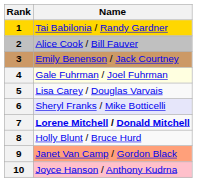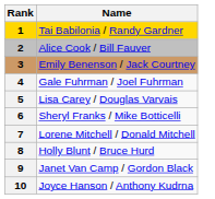 <table class="wikitable">
 <tr>
 <th>Rank</th>
 <th>Name</th>
 </tr>
 <tr bgcolor="gold">
 <td align="center"><strong>1</strong></td>
 <td><a href='#'>Tai Babilonia</a> / <a href='#'>Randy Gardner</a></td>
 </tr>
 <tr bgcolor="silver">
 <td align="center"><strong>2</strong></td>
 <td><a href='#'>Alice Cook</a> / <a href='#'>Bill Fauver</a></td>
 </tr>
 <tr bgcolor="cc9966">
 <td align="center"><strong>3</strong></td>
 <td><a href='#'>Emily Benenson</a> / <a href='#'>Jack Courtney</a></td>
 </tr>
 <tr>
 <th>4</th>
-<td style="background: lightyellow;"><a href='#'>Gale Fuhrman</a> / <a href='#'>Joel Fuhrman</a></td>
+<td><a href='#'>Gale Fuhrman</a> / <a href='#'>Joel Fuhrman</a></td>
 </tr>
 <tr>
 <th>5</th>
 <td><a href='#'>Lisa Carey</a> / <a href='#'>Douglas Varvais</a></td>
 </tr>
 <tr>
 <th>6</th>
-<td style="background: lavender;"><a href='#'>Sheryl Franks</a> / <a href='#'>Mike Botticelli</a></td>
+<td><a href='#'>Sheryl Franks</a> / <a href='#'>Mike Botticelli</a></td>
 </tr>
 <tr>
 <th>7</th>
-<td><strong><a href='#'>Lorene Mitchell</a> / <a href='#'>Donald Mitchell</a></strong></td>
+<td><a href='#'>Lorene Mitchell</a> / <a href='#'>Donald Mitchell</a></td>
 </tr>
 <tr>
 <th>8</th>
 <td><a href='#'>Holly Blunt</a> / <a href='#'>Bruce Hurd</a></td>
 </tr>
 <tr>
 <th>9</th>
-<td style="background: lightsalmon;"><a href='#'>Janet Van Camp</a> / <a href='#'>Gordon Black</a></td>
+<td><a href='#'>Janet Van Camp</a> / <a href='#'>Gordon Black</a></td>
 </tr>
 <tr>
 <th>10</th>
-<td style="background: pink;"><a href='#'>Joyce Hanson</a> / <a href='#'>Anthony Kudrna</a></td>
+<td><a href='#'>Joyce Hanson</a> / <a href='#'>Anthony Kudrna</a></td>
 </tr>
 </table>
